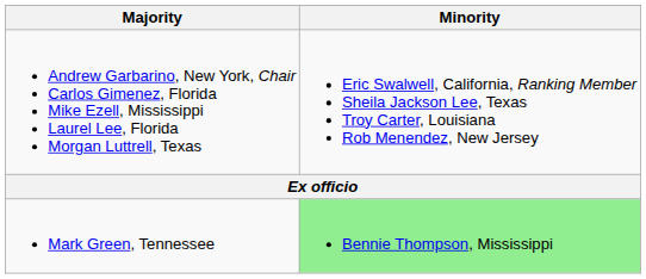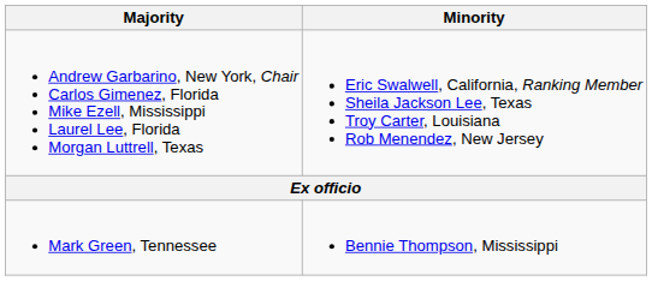 <table class=wikitable>
 <tr>
 <th>Majority</th>
 <th>Minority</th>
 </tr>
 <tr>
 <td><br><ul><li><a href='#'>Andrew Garbarino</a>, New York, <em>Chair</em></li><li><a href='#'>Carlos Gimenez</a>, Florida</li><li><a href='#'>Mike Ezell</a>, Mississippi</li><li><a href='#'>Laurel Lee</a>, Florida</li><li><a href='#'>Morgan Luttrell</a>, Texas</li></ul></td>
 <td><br><ul><li><a href='#'>Eric Swalwell</a>, California, <em>Ranking Member</em></li><li><a href='#'>Sheila Jackson Lee</a>, Texas</li><li><a href='#'>Troy Carter</a>, Louisiana</li><li><a href='#'>Rob Menendez</a>, New Jersey</li></ul></td>
 </tr>
 <tr>
 <th colspan=2><em>Ex officio</em></th>
 </tr>
 <tr>
 <td><br><ul><li><a href='#'>Mark Green</a>, Tennessee</li></ul></td>
-<td style="background: lightgreen;"><br><ul><li><a href='#'>Bennie Thompson</a>, Mississippi</li></ul></td>
+<td><br><ul><li><a href='#'>Bennie Thompson</a>, Mississippi</li></ul></td>
 </tr>
 </table>
